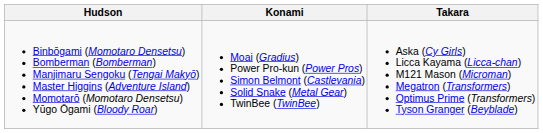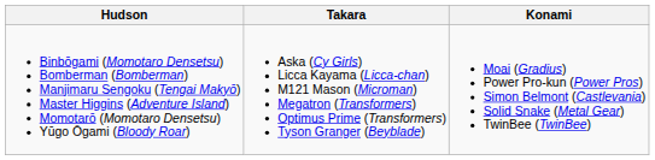 <table class="wikitable"  style="text-align:left">
 <tr>
 <th><strong>Hudson</strong></th>
+<th><strong>Takara</strong></th>
 <th><strong>Konami</strong></th>
-<th><strong>Takara</strong></th>
 </tr>
 <tr>
 <td><br><ul><li><a href='#'>Binbōgami</a> (<em><a href='#'>Momotaro Densetsu</a></em>)</li><li><a href='#'>Bomberman</a> (<em><a href='#'>Bomberman</a></em>)</li><li><a href='#'>Manjimaru Sengoku</a> (<em><a href='#'>Tengai Makyō</a></em>)</li><li><a href='#'>Master Higgins</a> (<em><a href='#'>Adventure Island</a></em>)</li><li><a href='#'>Momotarō</a> (<em>Momotaro Densetsu</em>)</li><li>Yūgo Ōgami (<em><a href='#'>Bloody Roar</a></em>)</li></ul></td>
+<td><br><ul><li>Aska (<em><a href='#'>Cy Girls</a></em>)</li><li>Licca Kayama (<em><a href='#'>Licca-chan</a></em>)</li><li>M121 Mason (<em><a href='#'>Microman</a></em>)</li><li><a href='#'>Megatron</a> (<em><a href='#'>Transformers</a></em>)</li><li><a href='#'>Optimus Prime</a> (<em>Transformers</em>)</li><li><a href='#'>Tyson Granger</a> (<em><a href='#'>Beyblade</a></em>)</li></ul></td>
 <td><br><ul><li><a href='#'>Moai</a> (<em><a href='#'>Gradius</a></em>)</li><li>Power Pro-kun (<em><a href='#'>Power Pros</a></em>)</li><li><a href='#'>Simon Belmont</a> (<em><a href='#'>Castlevania</a></em>)</li><li><a href='#'>Solid Snake</a> (<em><a href='#'>Metal Gear</a></em>)</li><li>TwinBee (<em><a href='#'>TwinBee</a></em>)</li></ul></td>
-<td><br><ul><li>Aska (<em><a href='#'>Cy Girls</a></em>)</li><li>Licca Kayama (<em><a href='#'>Licca-chan</a></em>)</li><li>M121 Mason (<em><a href='#'>Microman</a></em>)</li><li><a href='#'>Megatron</a> (<em><a href='#'>Transformers</a></em>)</li><li><a href='#'>Optimus Prime</a> (<em>Transformers</em>)</li><li><a href='#'>Tyson Granger</a> (<em><a href='#'>Beyblade</a></em>)</li></ul></td>
 </tr>
 </table>
